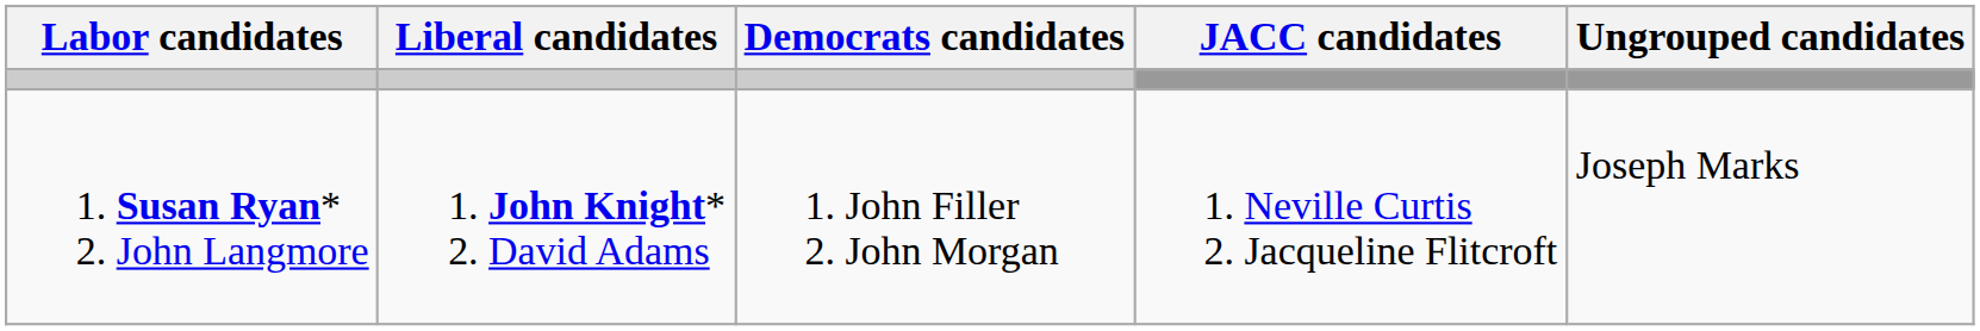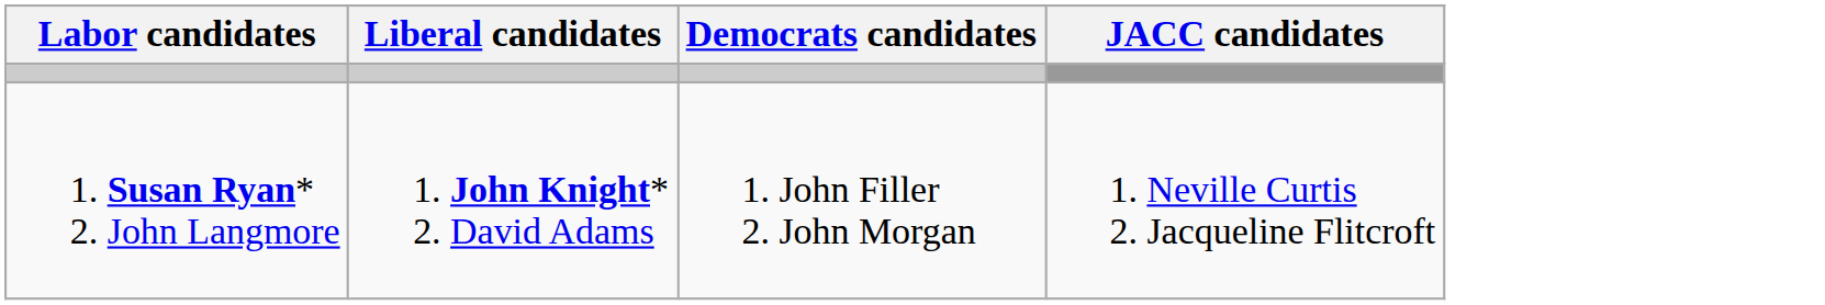 <table class="wikitable">
 <tr>
 <th><a href='#'>Labor</a> candidates</th>
 <th><a href='#'>Liberal</a> candidates</th>
 <th><a href='#'>Democrats</a> candidates</th>
 <th><a href='#'>JACC</a> candidates</th>
-<th>Ungrouped candidates</th>
 </tr>
 <tr bgcolor="#cccccc">
 <td></td>
 <td></td>
 <td></td>
-<td bgcolor="#999999"></td>
 <td bgcolor="#999999"></td>
 </tr>
 <tr>
 <td><br><ol><li><strong><a href='#'>Susan Ryan</a></strong>*</li><li><a href='#'>John Langmore</a></li></ol></td>
 <td><br><ol><li><strong><a href='#'>John Knight</a></strong>*</li><li><a href='#'>David Adams</a></li></ol></td>
 <td valign=top><br><ol><li>John Filler</li><li>John Morgan</li></ol></td>
 <td valign=top><br><ol><li><a href='#'>Neville Curtis</a></li><li>Jacqueline Flitcroft</li></ol></td>
-<td valign=top><br>Joseph Marks</td>
 </tr>
 </table>
